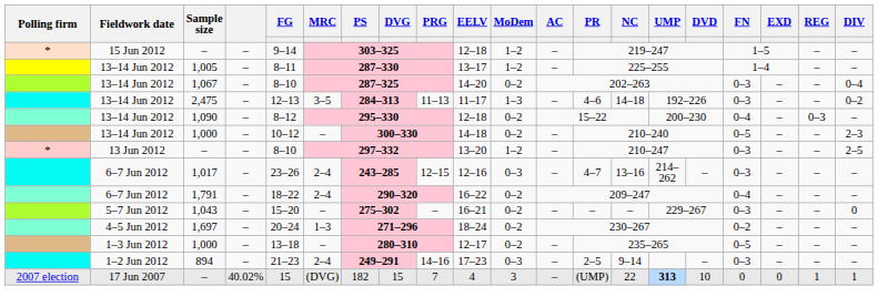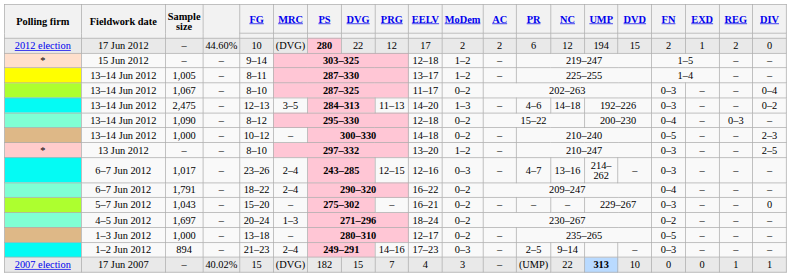 <table class="wikitable sortable" style="text-align:center;font-size:90%;line-height:14px;">
 <tr style="height:40px;">
 <th style="width:100px;" rowspan="2">Polling firm</th>
 <th style="width:110px;" rowspan="2">Fieldwork date</th>
 <th style="width:35px;" rowspan="2">Sample<br>size</th>
 <th style="width:30px;" rowspan="2"></th>
 <th class="unsortable" style="width:40px;"><a href='#'>FG</a></th>
 <th class="unsortable" style="width:40px;"><a href='#'>MRC</a></th>
 <th class="unsortable" style="width:40px;"><a href='#'>PS</a></th>
 <th class="unsortable" style="width:40px;"><a href='#'>DVG</a></th>
 <th class="unsortable" style="width:40px;"><a href='#'>PRG</a></th>
 <th class="unsortable" style="width:40px;"><a href='#'>EELV</a></th>
 <th class="unsortable" style="width:40px;"><a href='#'>MoDem</a></th>
 <th class="unsortable" style="width:40px;"><a href='#'>AC</a></th>
 <th class="unsortable" style="width:40px;"><a href='#'>PR</a></th>
 <th class="unsortable" style="width:40px;"><a href='#'>NC</a></th>
 <th class="unsortable" style="width:40px;"><a href='#'>UMP</a></th>
 <th class="unsortable" style="width:40px;"><a href='#'>DVD</a></th>
 <th class="unsortable" style="width:40px;"><a href='#'>FN</a></th>
 <th class="unsortable" style="width:40px;"><a href='#'>EXD</a></th>
 <th class="unsortable" style="width:40px;"><a href='#'>REG</a></th>
 <th class="unsortable" style="width:40px;"><a href='#'>DIV</a></th>
 </tr>
 <tr>
 <th style="background:"></th>
 <th style="background:"></th>
 <th style="background:"></th>
 <th style="background:"></th>
 <th style="background:"></th>
 <th style="background:"></th>
 <th style="background:"></th>
 <th style="background:"></th>
 <th style="background:"></th>
 <th style="background:"></th>
 <th style="background:"></th>
 <th style="background:"></th>
 <th style="background:"></th>
 <th style="background:"></th>
 <th style="background:"></th>
 <th style="background:"></th>
 </tr>
+<tr style="background:#E9E9E9;">
+<td><a href='#'>2012 election</a></td>
+<td data-sort-value="2012-06-17">17 Jun 2012</td>
+<td>–</td>
+<td>44.60%</td>
+<td>10</td>
+<td>(DVG)</td>
+<td style="background:#FFC6D5;"><strong>280</strong></td>
+<td>22</td>
+<td>12</td>
+<td>17</td>
+<td>2</td>
+<td>2</td>
+<td>6</td>
+<td>12</td>
+<td>194</td>
+<td>15</td>
+<td>2</td>
+<td>1</td>
+<td>2</td>
+<td>0</td>
+</tr>
 <tr>
 <td style="background:#FFDFCC;">*</td>
 <td data-sort-value="2012-06-15">15 Jun 2012</td>
 <td>–</td>
 <td>–</td>
 <td>9–14</td>
 <td style="background:#FFC6D5;" colspan="4"><strong>303–325</strong></td>
 <td>12–18</td>
 <td>1–2</td>
 <td>–</td>
 <td colspan="4">219–247</td>
 <td colspan="2">1–5</td>
 <td>–</td>
 <td>–</td>
 </tr>
 <tr>
 <td style="background:yellow;"></td>
 <td data-sort-value="2012-06-14">13–14 Jun 2012</td>
 <td>1,005</td>
 <td>–</td>
 <td>8–11</td>
 <td style="background:#FFC6D5;" colspan="4"><strong>287–330</strong></td>
 <td>13–17</td>
 <td>1–2</td>
 <td>–</td>
 <td colspan="4">225–255</td>
 <td colspan="2">1–4</td>
 <td>–</td>
 <td>–</td>
 </tr>
 <tr>
 <td style="background:GreenYellow;"></td>
 <td data-sort-value="2012-06-14">13–14 Jun 2012</td>
 <td>1,067</td>
 <td>–</td>
 <td>8–10</td>
 <td style="background:#FFC6D5;" colspan="4"><strong>287–325</strong></td>
-<td>14–20</td>
+<td>11–17</td>
 <td>0–2</td>
 <td colspan="5">202–263</td>
 <td>0–3</td>
 <td>–</td>
 <td>–</td>
 <td>0–4</td>
 </tr>
 <tr>
 <td style="background:#04FBF4;"></td>
 <td data-sort-value="2012-06-14">13–14 Jun 2012</td>
 <td>2,475</td>
 <td>–</td>
 <td>12–13</td>
 <td>3–5</td>
 <td style="background:#FFC6D5;" colspan="2"><strong>284–313</strong></td>
 <td>11–13</td>
-<td>11–17</td>
+<td>14–20</td>
 <td>1–3</td>
 <td>–</td>
 <td>4–6</td>
 <td>14–18</td>
 <td colspan="2">192–226</td>
 <td>0–3</td>
 <td>–</td>
 <td>–</td>
 <td>0–2</td>
 </tr>
 <tr>
 <td style="background:aquamarine;"></td>
 <td data-sort-value="2012-06-14">13–14 Jun 2012</td>
 <td>1,090</td>
 <td>–</td>
 <td>8–12</td>
 <td style="background:#FFC6D5;" colspan="4"><strong>295–330</strong></td>
 <td>12–18</td>
 <td>0–2</td>
 <td colspan="3">15–22</td>
 <td colspan="2">200–230</td>
 <td>0–4</td>
 <td>–</td>
 <td>0–3</td>
 <td>–</td>
 </tr>
 <tr>
 <td style="background:burlywood;"></td>
 <td data-sort-value="2012-06-14">13–14 Jun 2012</td>
 <td>1,000</td>
 <td>–</td>
 <td>10–12</td>
 <td>–</td>
 <td style="background:#FFC6D5;" colspan="3"><strong>300–330</strong></td>
 <td>14–18</td>
 <td>0–2</td>
 <td>–</td>
 <td colspan="4">210–240</td>
 <td>0–5</td>
 <td>–</td>
 <td>–</td>
 <td>2–3</td>
 </tr>
 <tr>
 <td style="background:#FFCCCC;">*</td>
 <td data-sort-value="2012-06-13">13 Jun 2012</td>
 <td>–</td>
 <td>–</td>
 <td>8–10</td>
 <td style="background:#FFC6D5;" colspan="4"><strong>297–332</strong></td>
 <td>13–20</td>
 <td>1–2</td>
 <td>–</td>
 <td colspan="4">210–247</td>
 <td>0–3</td>
 <td>–</td>
 <td>–</td>
 <td>2–5</td>
 </tr>
 <tr>
 <td style="background:#04FBF4;"></td>
 <td data-sort-value="2012-06-07">6–7 Jun 2012</td>
 <td>1,017</td>
 <td>–</td>
 <td>23–26</td>
 <td>2–4</td>
 <td style="background:#FFC6D5;" colspan="2"><strong>243–285</strong></td>
 <td>12–15</td>
 <td>12–16</td>
 <td>0–3</td>
 <td>–</td>
 <td>4–7</td>
 <td>13–16</td>
 <td>214–262</td>
 <td>–</td>
 <td>0–3</td>
 <td>–</td>
 <td>–</td>
 <td>–</td>
 </tr>
 <tr>
 <td style="background:aquamarine;"></td>
 <td data-sort-value="2012-06-07">6–7 Jun 2012</td>
 <td>1,791</td>
 <td>–</td>
 <td>18–22</td>
 <td>2–4</td>
 <td style="background:#FFC6D5;" colspan="3"><strong>290–320</strong></td>
 <td>16–22</td>
 <td>0–2</td>
 <td colspan="5">209–247</td>
 <td>0–4</td>
 <td>–</td>
 <td>–</td>
 <td>–</td>
 </tr>
 <tr>
 <td style="background:GreenYellow;"></td>
 <td data-sort-value="2012-06-07">5–7 Jun 2012</td>
 <td>1,043</td>
 <td>–</td>
 <td>15–20</td>
 <td>–</td>
 <td style="background:#FFC6D5;" colspan="2"><strong>275–302</strong></td>
 <td>–</td>
 <td>16–21</td>
 <td>0–2</td>
 <td>–</td>
 <td>–</td>
 <td>–</td>
 <td colspan="2">229–267</td>
 <td>0–3</td>
 <td>–</td>
 <td>–</td>
 <td>0</td>
 </tr>
 <tr>
 <td style="background:aquamarine;"></td>
 <td data-sort-value="2012-06-05">4–5 Jun 2012</td>
 <td>1,697</td>
 <td>–</td>
 <td>20–24</td>
 <td>1–3</td>
 <td style="background:#FFC6D5;" colspan="3"><strong>271–296</strong></td>
 <td>18–24</td>
 <td>0–2</td>
 <td colspan="5">230–267</td>
 <td>0–2</td>
 <td>–</td>
 <td>–</td>
 <td>–</td>
 </tr>
 <tr>
 <td style="background:burlywood;"></td>
 <td data-sort-value="2012-06-03">1–3 Jun 2012</td>
 <td>1,000</td>
 <td>–</td>
 <td>13–18</td>
 <td>–</td>
 <td style="background:#FFC6D5;" colspan="3"><strong>280–310</strong></td>
 <td>12–17</td>
 <td>0–2</td>
 <td>–</td>
 <td colspan="4">235–265</td>
 <td>0–5</td>
 <td>–</td>
 <td>–</td>
 <td>–</td>
 </tr>
 <tr>
 <td style="background:#04FBF4;"></td>
 <td data-sort-value="2012-06-02">1–2 Jun 2012</td>
 <td>894</td>
 <td>–</td>
 <td>21–23</td>
 <td>2–4</td>
 <td style="background:#FFC6D5;" colspan="2"><strong>249–291</strong></td>
 <td>14–16</td>
 <td>17–23</td>
 <td>0–3</td>
 <td>–</td>
 <td>2–5</td>
 <td>9–14</td>
 <td></td>
 <td>–</td>
 <td>0–3</td>
 <td>–</td>
 <td>–</td>
 <td>–</td>
 </tr>
 <tr style="background:#E9E9E9;">
 <td><a href='#'>2007 election</a></td>
 <td data-sort-value="2007-06-17">17 Jun 2007</td>
 <td>–</td>
 <td>40.02%</td>
 <td>15</td>
 <td>(DVG)</td>
 <td>182</td>
 <td>15</td>
 <td>7</td>
 <td>4</td>
 <td>3</td>
 <td>–</td>
 <td>(UMP)</td>
 <td>22</td>
 <td style="background:#B9DAFF;"><strong>313</strong></td>
 <td>10</td>
 <td>0</td>
 <td>0</td>
 <td>1</td>
 <td>1</td>
 </tr>
 </table>
